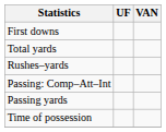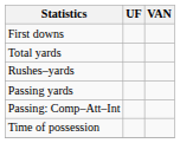 <table class="wikitable" style="float: left;">
 <tr>
 <th>Statistics</th>
 <th>UF</th>
 <th>VAN</th>
 </tr>
 <tr>
 <td>First downs</td>
 <td></td>
 <td></td>
 </tr>
 <tr>
 <td>Total yards</td>
 <td></td>
 <td></td>
 </tr>
 <tr>
 <td>Rushes–yards</td>
 <td></td>
 <td></td>
 </tr>
 <tr>
-<td>Passing: Comp–Att–Int</td>
+<td>Passing yards</td>
 <td></td>
 <td></td>
 </tr>
 <tr>
-<td>Passing yards</td>
+<td>Passing: Comp–Att–Int</td>
 <td></td>
 <td></td>
 </tr>
 <tr>
 <td>Time of possession</td>
 <td></td>
 <td></td>
 </tr>
 <tr>
 </tr>
 </table>
